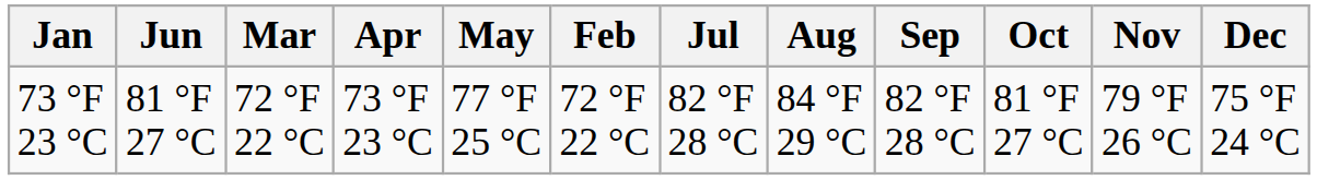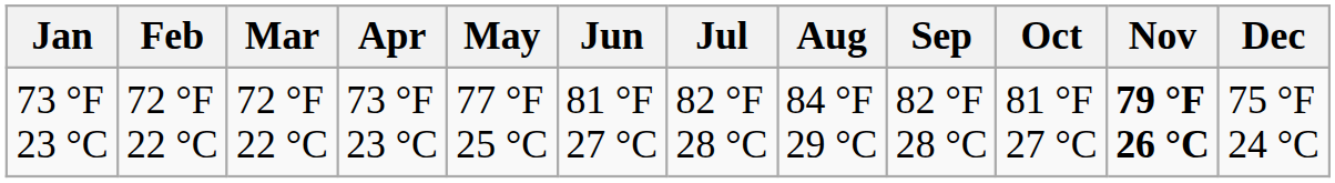 <table class="wikitable" style="margin:1em auto;">
 <tr>
 <th><strong>Jan</strong></th>
-<th><strong>Jun</strong></th>
+<th><strong>Feb</strong></th>
 <th><strong>Mar</strong></th>
 <th><strong>Apr</strong></th>
 <th><strong>May</strong></th>
-<th><strong>Feb</strong></th>
+<th><strong>Jun</strong></th>
 <th><strong>Jul</strong></th>
 <th><strong>Aug</strong></th>
 <th><strong>Sep</strong></th>
 <th><strong>Oct</strong></th>
 <th><strong>Nov</strong></th>
 <th><strong>Dec</strong></th>
 </tr>
 <tr>
 <td>73 °F<br>23 °C</td>
-<td>81 °F<br>27 °C</td>
+<td>72 °F<br>22 °C</td>
 <td>72 °F<br>22 °C</td>
 <td>73 °F<br>23 °C</td>
 <td>77 °F<br>25 °C</td>
-<td>72 °F<br>22 °C</td>
+<td>81 °F<br>27 °C</td>
 <td>82 °F<br>28 °C</td>
 <td>84 °F<br>29 °C</td>
 <td>82 °F<br>28 °C</td>
 <td>81 °F<br>27 °C</td>
-<td>79 °F<br>26 °C</td>
+<td><strong>79 °F<br>26 °C</strong></td>
 <td>75 °F<br>24 °C</td>
 </tr>
 </table>
